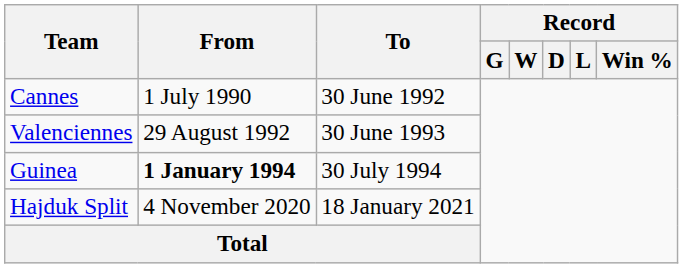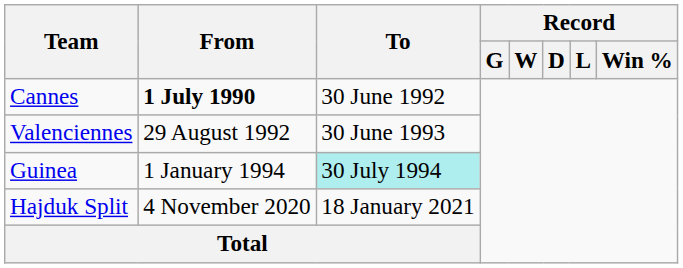 <table class="wikitable" style="text-align: center">
 <tr>
 <th rowspan="2">Team</th>
 <th rowspan="2">From</th>
 <th rowspan="2">To</th>
 <th colspan="5">Record</th>
 </tr>
 <tr>
 <th>G</th>
 <th>W</th>
 <th>D</th>
 <th>L</th>
 <th>Win %</th>
 </tr>
 <tr>
 <td align=left><a href='#'>Cannes</a></td>
-<td align=left>1 July 1990</td>
+<td align=left><strong>1 July 1990</strong></td>
 <td align=left>30 June 1992<br></td>
 </tr>
 <tr>
 <td align=left><a href='#'>Valenciennes</a></td>
 <td align=left>29 August 1992</td>
 <td align=left>30 June 1993<br></td>
 </tr>
 <tr>
 <td align=left><a href='#'>Guinea</a></td>
-<td align=left><strong>1 January 1994</strong></td>
-<td align=left>30 July 1994<br></td>
+<td align=left>1 January 1994</td>
+<td align=left style="background: paleturquoise;">30 July 1994<br></td>
 </tr>
 <tr>
 <td align=left><a href='#'>Hajduk Split</a></td>
 <td align=left>4 November 2020</td>
 <td align=left>18 January 2021<br></td>
 </tr>
 <tr>
 <th colspan=3>Total<br></th>
 </tr>
 </table>
